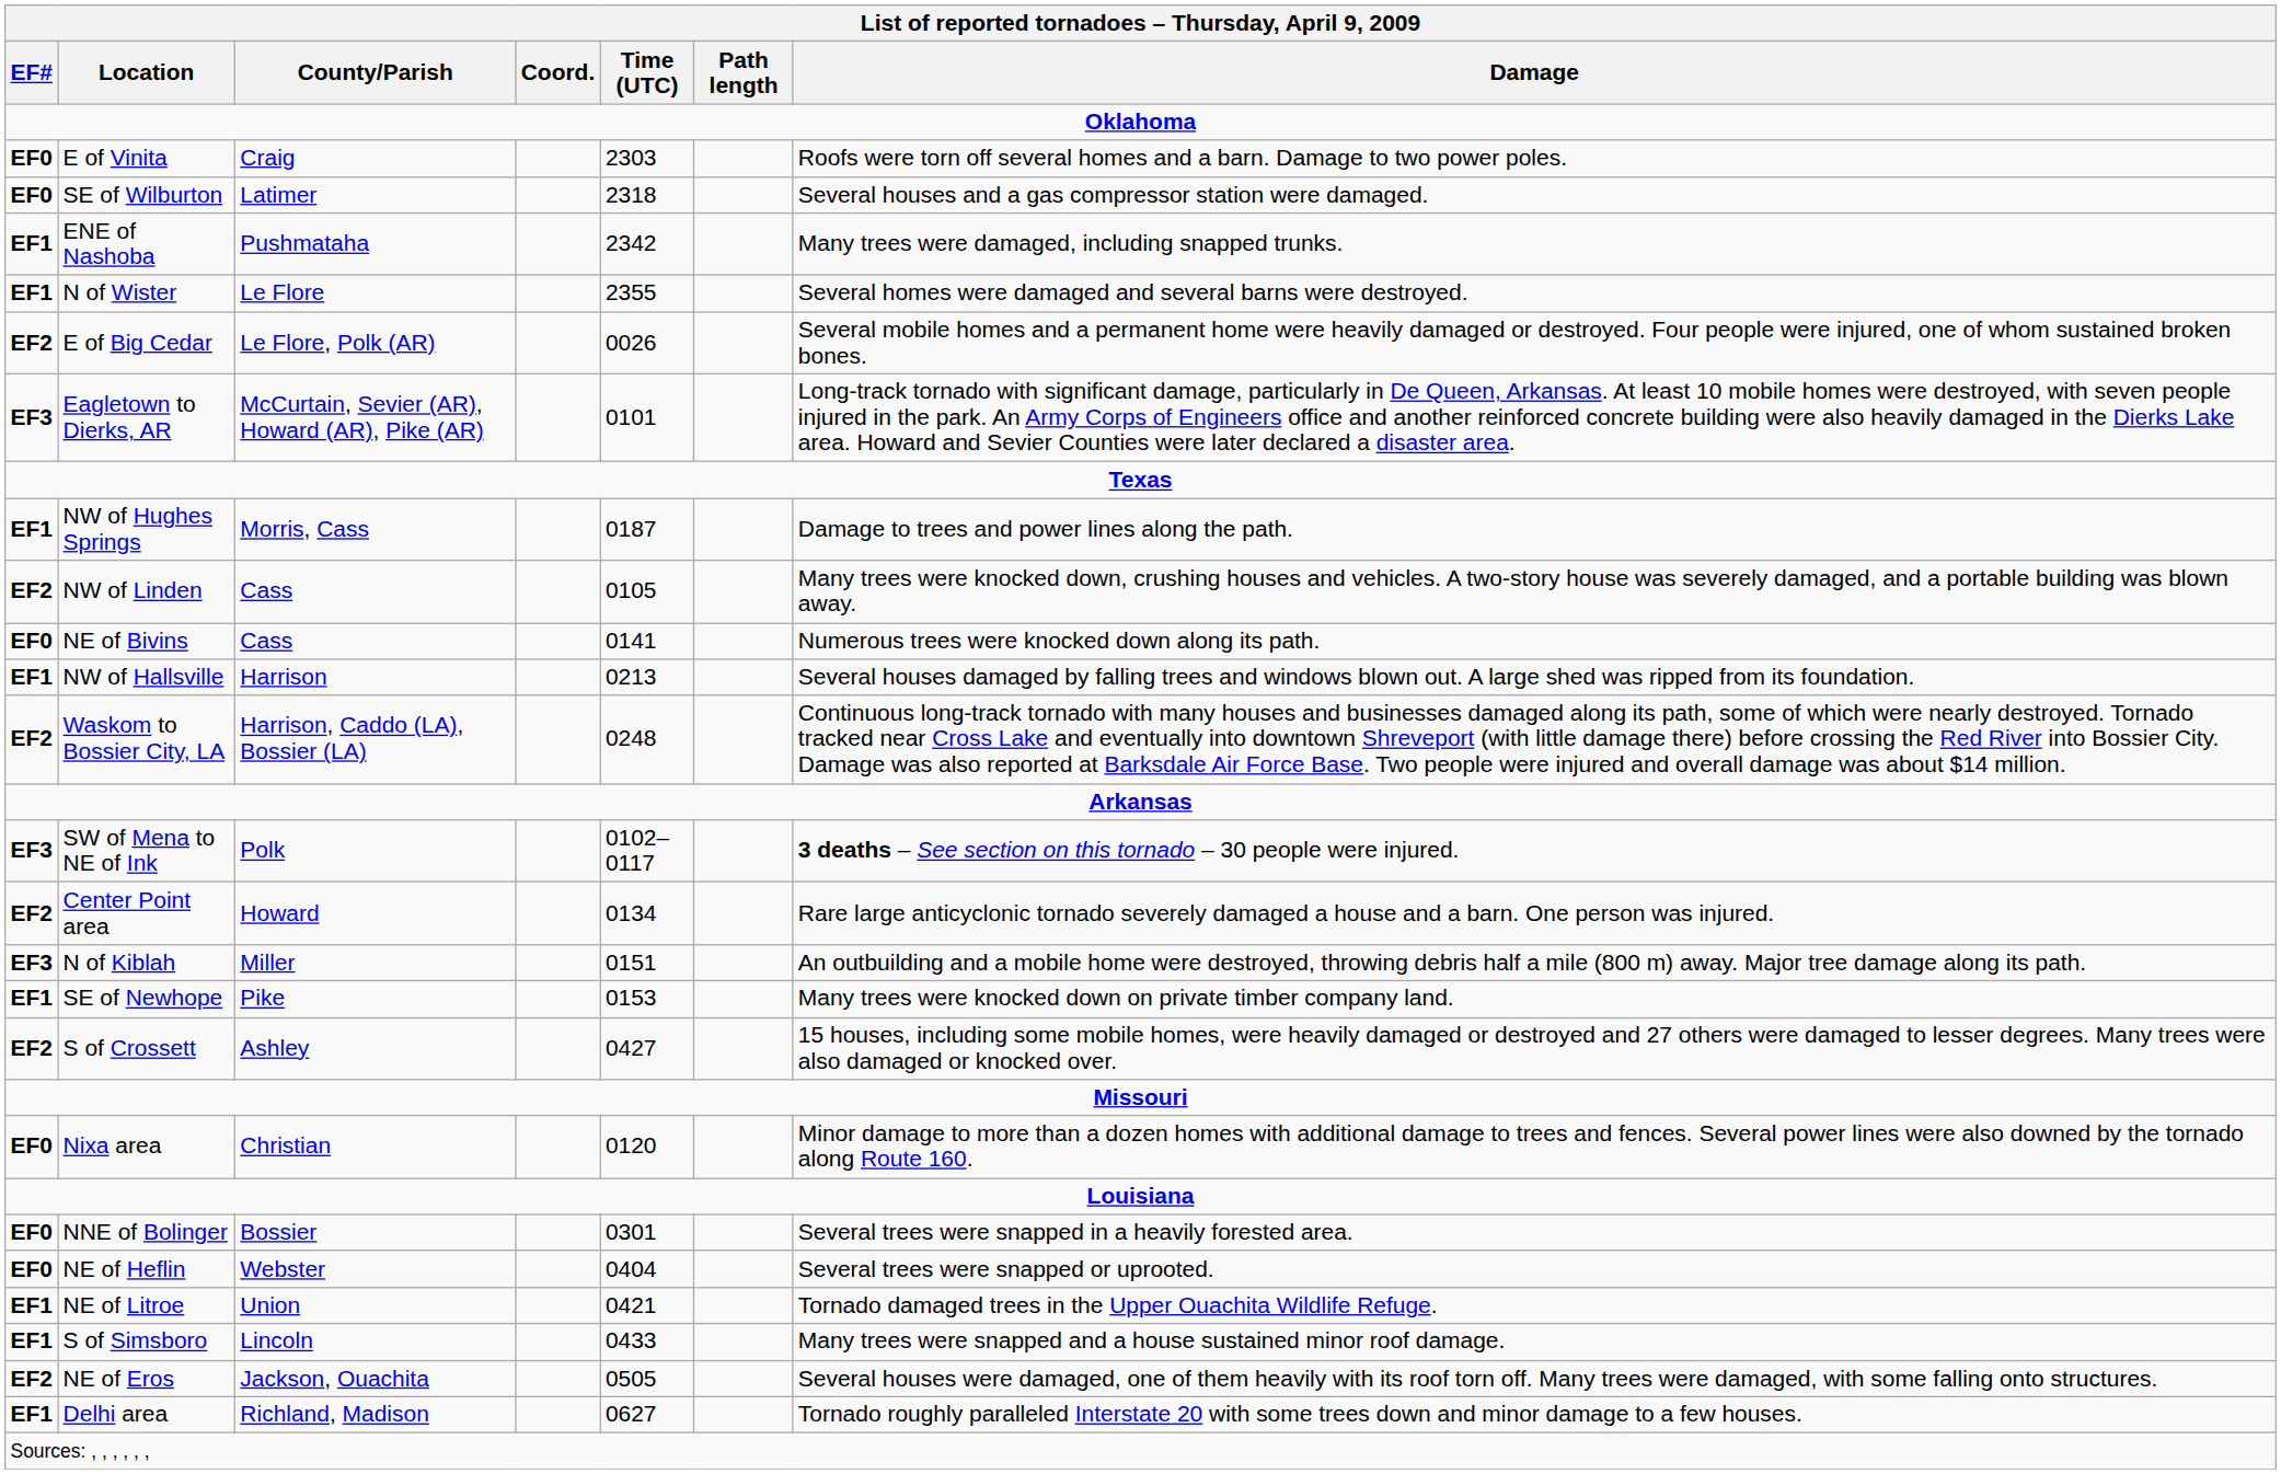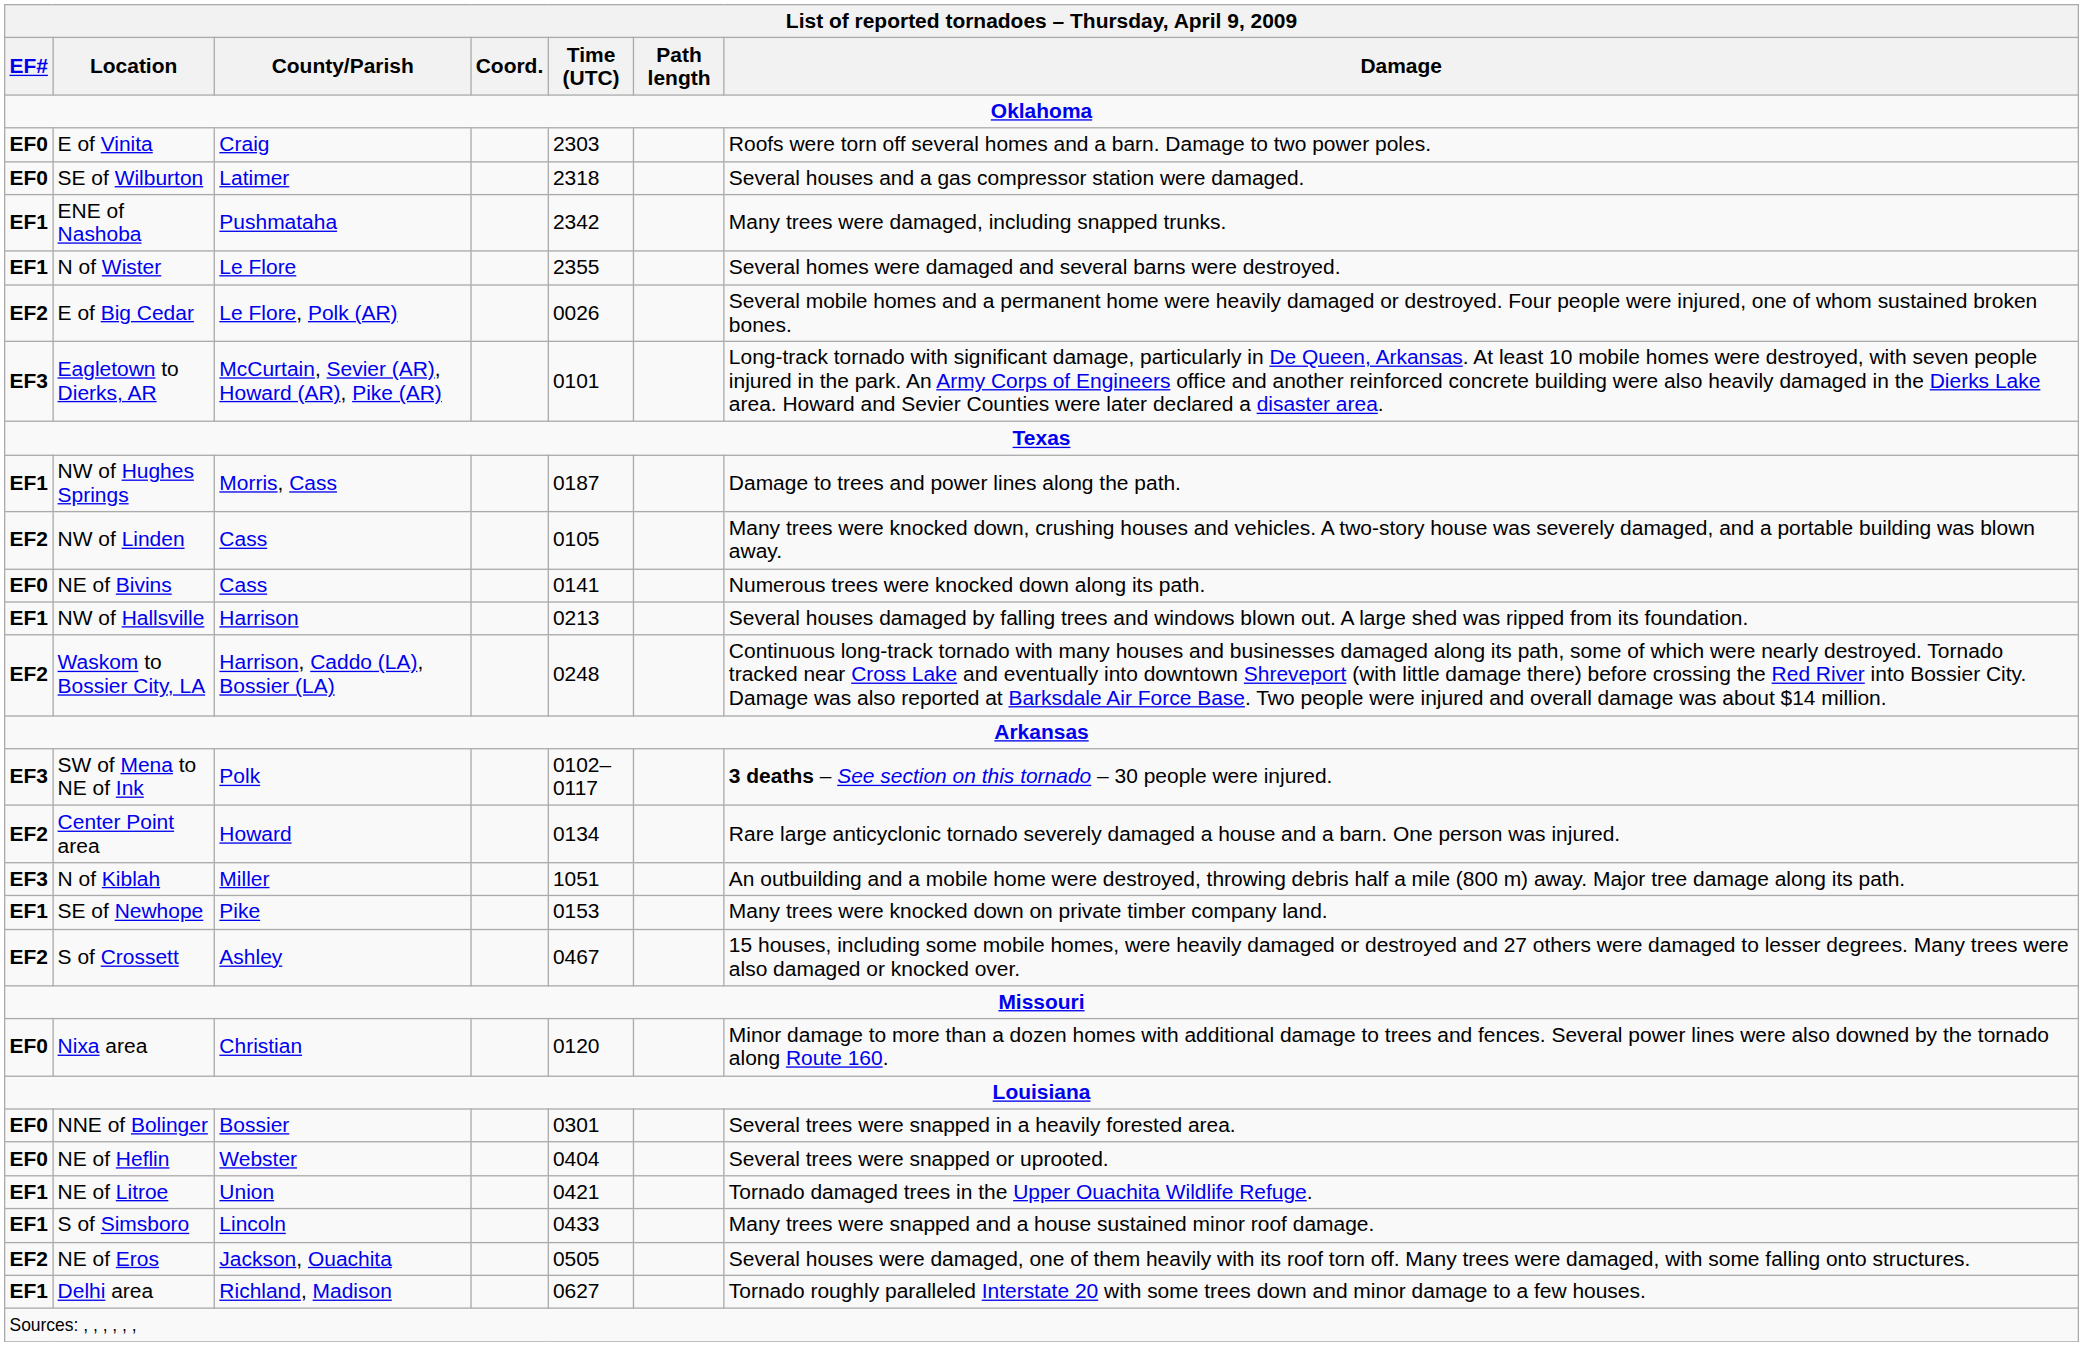 <table class="wikitable collapsible" width="100%">
 <tr>
 <th colspan="7">List of reported tornadoes – Thursday, April 9, 2009</th>
 </tr>
 <tr>
 <th><a href='#'>EF#</a></th>
 <th>Location</th>
 <th>County/Parish</th>
 <th>Coord.</th>
 <th>Time (UTC)</th>
 <th>Path length</th>
 <th>Damage</th>
 </tr>
 <tr>
 <td colspan="7" align=center><strong><a href='#'>Oklahoma</a></strong></td>
 </tr>
 <tr>
 <td><strong>EF0</strong></td>
 <td>E of <a href='#'>Vinita</a></td>
 <td><a href='#'>Craig</a></td>
 <td></td>
 <td>2303</td>
 <td></td>
 <td>Roofs were torn off several homes and a barn. Damage to two power poles.</td>
 </tr>
 <tr>
 <td><strong>EF0</strong></td>
 <td>SE of <a href='#'>Wilburton</a></td>
 <td><a href='#'>Latimer</a></td>
 <td></td>
 <td>2318</td>
 <td></td>
 <td>Several houses and a gas compressor station were damaged.</td>
 </tr>
 <tr>
 <td><strong>EF1</strong></td>
 <td>ENE of <a href='#'>Nashoba</a></td>
 <td><a href='#'>Pushmataha</a></td>
 <td></td>
 <td>2342</td>
 <td></td>
 <td>Many trees were damaged, including snapped trunks.</td>
 </tr>
 <tr>
 <td><strong>EF1</strong></td>
 <td>N of <a href='#'>Wister</a></td>
 <td><a href='#'>Le Flore</a></td>
 <td></td>
 <td>2355</td>
 <td></td>
 <td>Several homes were damaged and several barns were destroyed.</td>
 </tr>
 <tr>
 <td><strong>EF2</strong></td>
 <td>E of <a href='#'>Big Cedar</a></td>
 <td><a href='#'>Le Flore</a>, <a href='#'>Polk (AR)</a></td>
 <td></td>
 <td>0026</td>
 <td></td>
 <td>Several mobile homes and a permanent home were heavily damaged or destroyed. Four people were injured, one of whom sustained broken bones.</td>
 </tr>
 <tr>
 <td><strong>EF3</strong></td>
 <td><a href='#'>Eagletown</a> to <a href='#'>Dierks, AR</a></td>
 <td><a href='#'>McCurtain</a>, <a href='#'>Sevier (AR)</a>, <a href='#'>Howard (AR)</a>, <a href='#'>Pike (AR)</a></td>
 <td></td>
 <td>0101</td>
 <td></td>
 <td>Long-track tornado with significant damage, particularly in <a href='#'>De Queen, Arkansas</a>. At least 10 mobile homes were destroyed, with seven people injured in the park. An <a href='#'>Army Corps of Engineers</a> office and another reinforced concrete building were also heavily damaged in the <a href='#'>Dierks Lake</a> area. Howard and Sevier Counties were later declared a <a href='#'>disaster area</a>.</td>
 </tr>
 <tr>
 <td colspan="7" align=center><strong><a href='#'>Texas</a></strong></td>
 </tr>
 <tr>
 <td><strong>EF1</strong></td>
 <td>NW of <a href='#'>Hughes Springs</a></td>
 <td><a href='#'>Morris</a>, <a href='#'>Cass</a></td>
 <td></td>
 <td>0187</td>
 <td></td>
 <td>Damage to trees and power lines along the path.</td>
 </tr>
 <tr>
 <td><strong>EF2</strong></td>
 <td>NW of <a href='#'>Linden</a></td>
 <td><a href='#'>Cass</a></td>
 <td></td>
 <td>0105</td>
 <td></td>
 <td>Many trees were knocked down, crushing houses and vehicles. A two-story house was severely damaged, and a portable building was blown away.</td>
 </tr>
 <tr>
 <td><strong>EF0</strong></td>
 <td>NE of <a href='#'>Bivins</a></td>
 <td><a href='#'>Cass</a></td>
 <td></td>
 <td>0141</td>
 <td></td>
 <td>Numerous trees were knocked down along its path.</td>
 </tr>
 <tr>
 <td><strong>EF1</strong></td>
 <td>NW of <a href='#'>Hallsville</a></td>
 <td><a href='#'>Harrison</a></td>
 <td></td>
 <td>0213</td>
 <td></td>
 <td>Several houses damaged by falling trees and windows blown out. A large shed was ripped from its foundation.</td>
 </tr>
 <tr>
 <td><strong>EF2</strong></td>
 <td><a href='#'>Waskom</a> to <a href='#'>Bossier City, LA</a></td>
 <td><a href='#'>Harrison</a>, <a href='#'>Caddo (LA)</a>, <a href='#'>Bossier (LA)</a></td>
 <td></td>
 <td>0248</td>
 <td></td>
 <td>Continuous long-track tornado with many houses and businesses damaged along its path, some of which were nearly destroyed. Tornado tracked near <a href='#'>Cross Lake</a> and eventually into downtown <a href='#'>Shreveport</a> (with little damage there) before crossing the <a href='#'>Red River</a> into Bossier City. Damage was also reported at <a href='#'>Barksdale Air Force Base</a>. Two people were injured and overall damage was about $14 million.</td>
 </tr>
 <tr>
 <td colspan="7" align=center><strong><a href='#'>Arkansas</a></strong></td>
 </tr>
 <tr>
 <td><strong>EF3</strong></td>
 <td>SW of <a href='#'>Mena</a> to NE of <a href='#'>Ink</a></td>
 <td><a href='#'>Polk</a></td>
 <td></td>
 <td>0102–0117</td>
 <td></td>
 <td><strong>3 deaths</strong> – <em><a href='#'>See section on this tornado</a></em> – 30 people were injured.</td>
 </tr>
 <tr>
 <td><strong>EF2</strong></td>
 <td><a href='#'>Center Point</a> area</td>
 <td><a href='#'>Howard</a></td>
 <td></td>
 <td>0134</td>
 <td></td>
 <td>Rare large anticyclonic tornado severely damaged a house and a barn. One person was injured.</td>
 </tr>
 <tr>
 <td><strong>EF3</strong></td>
 <td>N of <a href='#'>Kiblah</a></td>
 <td><a href='#'>Miller</a></td>
 <td></td>
-<td>0151</td>
+<td>1051</td>
 <td></td>
 <td>An outbuilding and a mobile home were destroyed, throwing debris half a mile (800 m) away. Major tree damage along its path.</td>
 </tr>
 <tr>
 <td><strong>EF1</strong></td>
 <td>SE of <a href='#'>Newhope</a></td>
 <td><a href='#'>Pike</a></td>
 <td></td>
 <td>0153</td>
 <td></td>
 <td>Many trees were knocked down on private timber company land.</td>
 </tr>
 <tr>
 <td><strong>EF2</strong></td>
 <td>S of <a href='#'>Crossett</a></td>
 <td><a href='#'>Ashley</a></td>
 <td></td>
-<td>0427</td>
+<td>0467</td>
 <td></td>
 <td>15 houses, including some mobile homes, were heavily damaged or destroyed and 27 others were damaged to lesser degrees. Many trees were also damaged or knocked over.</td>
 </tr>
 <tr>
 <td colspan="7" align=center><strong><a href='#'>Missouri</a></strong></td>
 </tr>
 <tr>
 <td><strong>EF0</strong></td>
 <td><a href='#'>Nixa</a> area</td>
 <td><a href='#'>Christian</a></td>
 <td></td>
 <td>0120</td>
 <td></td>
 <td>Minor damage to more than a dozen homes with additional damage to trees and fences. Several power lines were also downed by the tornado along <a href='#'>Route 160</a>.</td>
 </tr>
 <tr>
 <td colspan="7" align=center><strong><a href='#'>Louisiana</a></strong></td>
 </tr>
 <tr>
 <td><strong>EF0</strong></td>
 <td>NNE of <a href='#'>Bolinger</a></td>
 <td><a href='#'>Bossier</a></td>
 <td></td>
 <td>0301</td>
 <td></td>
 <td>Several trees were snapped in a heavily forested area.</td>
 </tr>
 <tr>
 <td><strong>EF0</strong></td>
 <td>NE of <a href='#'>Heflin</a></td>
 <td><a href='#'>Webster</a></td>
 <td></td>
 <td>0404</td>
 <td></td>
 <td>Several trees were snapped or uprooted.</td>
 </tr>
 <tr>
 <td><strong>EF1</strong></td>
 <td>NE of <a href='#'>Litroe</a></td>
 <td><a href='#'>Union</a></td>
 <td></td>
 <td>0421</td>
 <td></td>
 <td>Tornado damaged trees in the <a href='#'>Upper Ouachita Wildlife Refuge</a>.</td>
 </tr>
 <tr>
 <td><strong>EF1</strong></td>
 <td>S of <a href='#'>Simsboro</a></td>
 <td><a href='#'>Lincoln</a></td>
 <td></td>
 <td>0433</td>
 <td></td>
 <td>Many trees were snapped and a house sustained minor roof damage.</td>
 </tr>
 <tr>
 <td><strong>EF2</strong></td>
 <td>NE of <a href='#'>Eros</a></td>
 <td><a href='#'>Jackson</a>, <a href='#'>Ouachita</a></td>
 <td></td>
 <td>0505</td>
 <td></td>
 <td>Several houses were damaged, one of them heavily with its roof torn off. Many trees were damaged, with some falling onto structures.</td>
 </tr>
 <tr>
 <td><strong>EF1</strong></td>
 <td><a href='#'>Delhi</a> area</td>
 <td><a href='#'>Richland</a>, <a href='#'>Madison</a></td>
 <td></td>
 <td>0627</td>
 <td></td>
 <td>Tornado roughly paralleled <a href='#'>Interstate 20</a> with some trees down and minor damage to a few houses.</td>
 </tr>
 <tr>
 <td colspan="7"><small>Sources: , , , , , , </small></td>
 </tr>
 <tr>
 </tr>
 </table>
